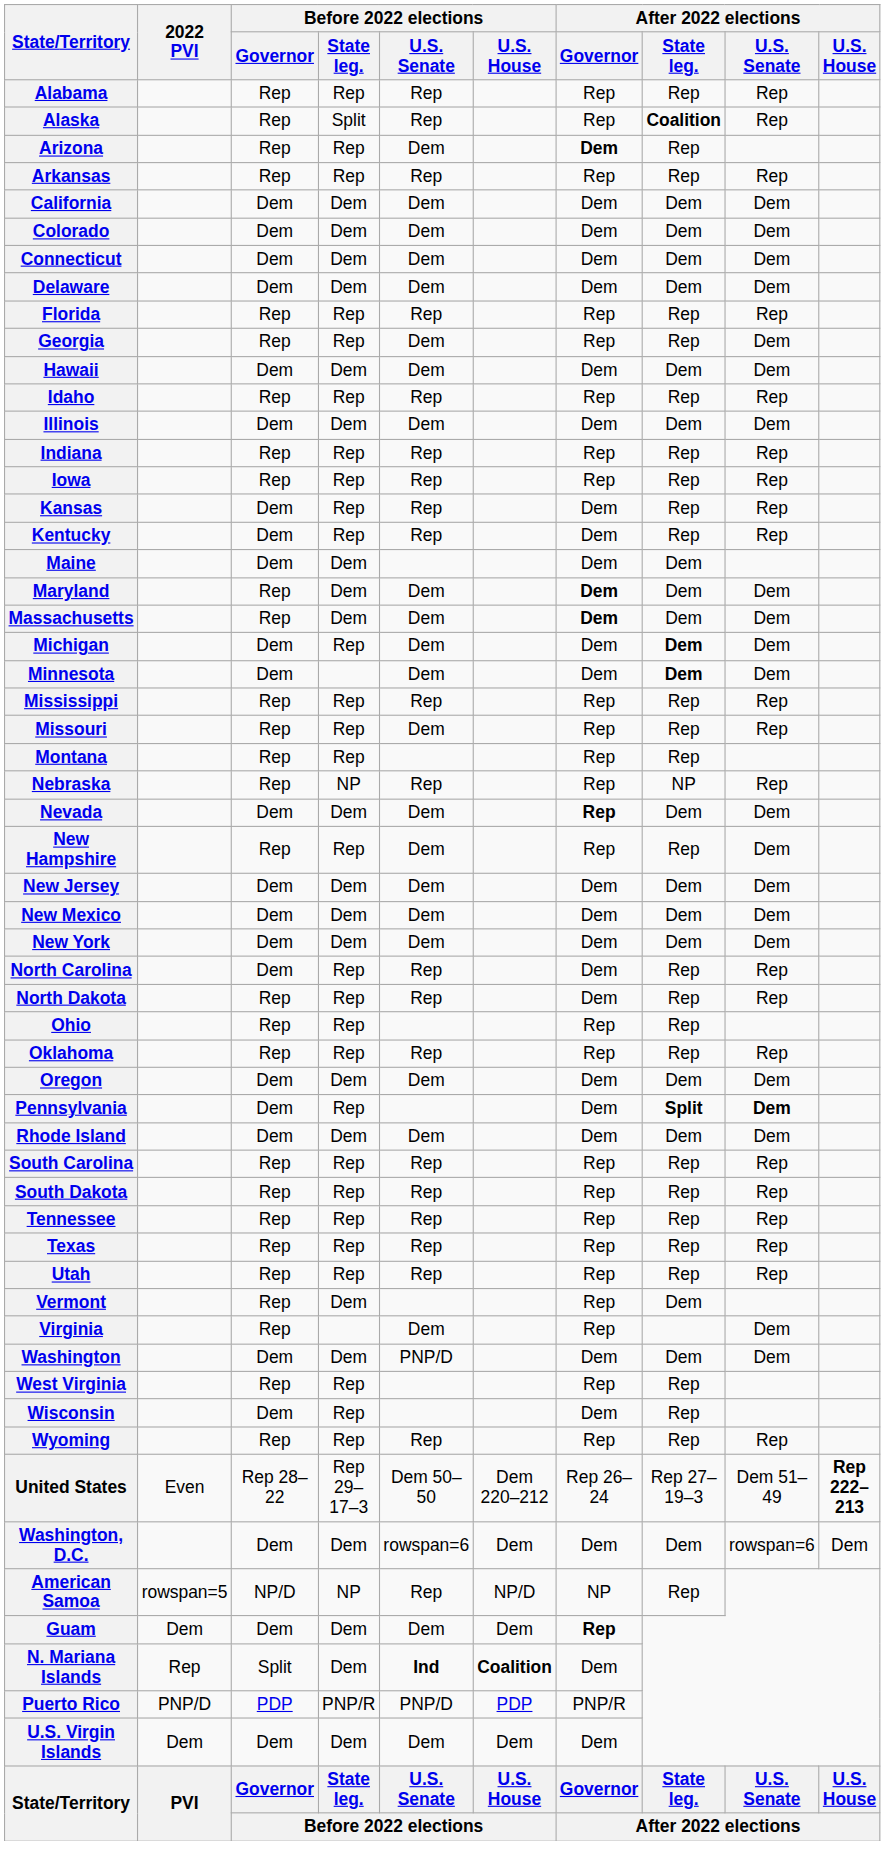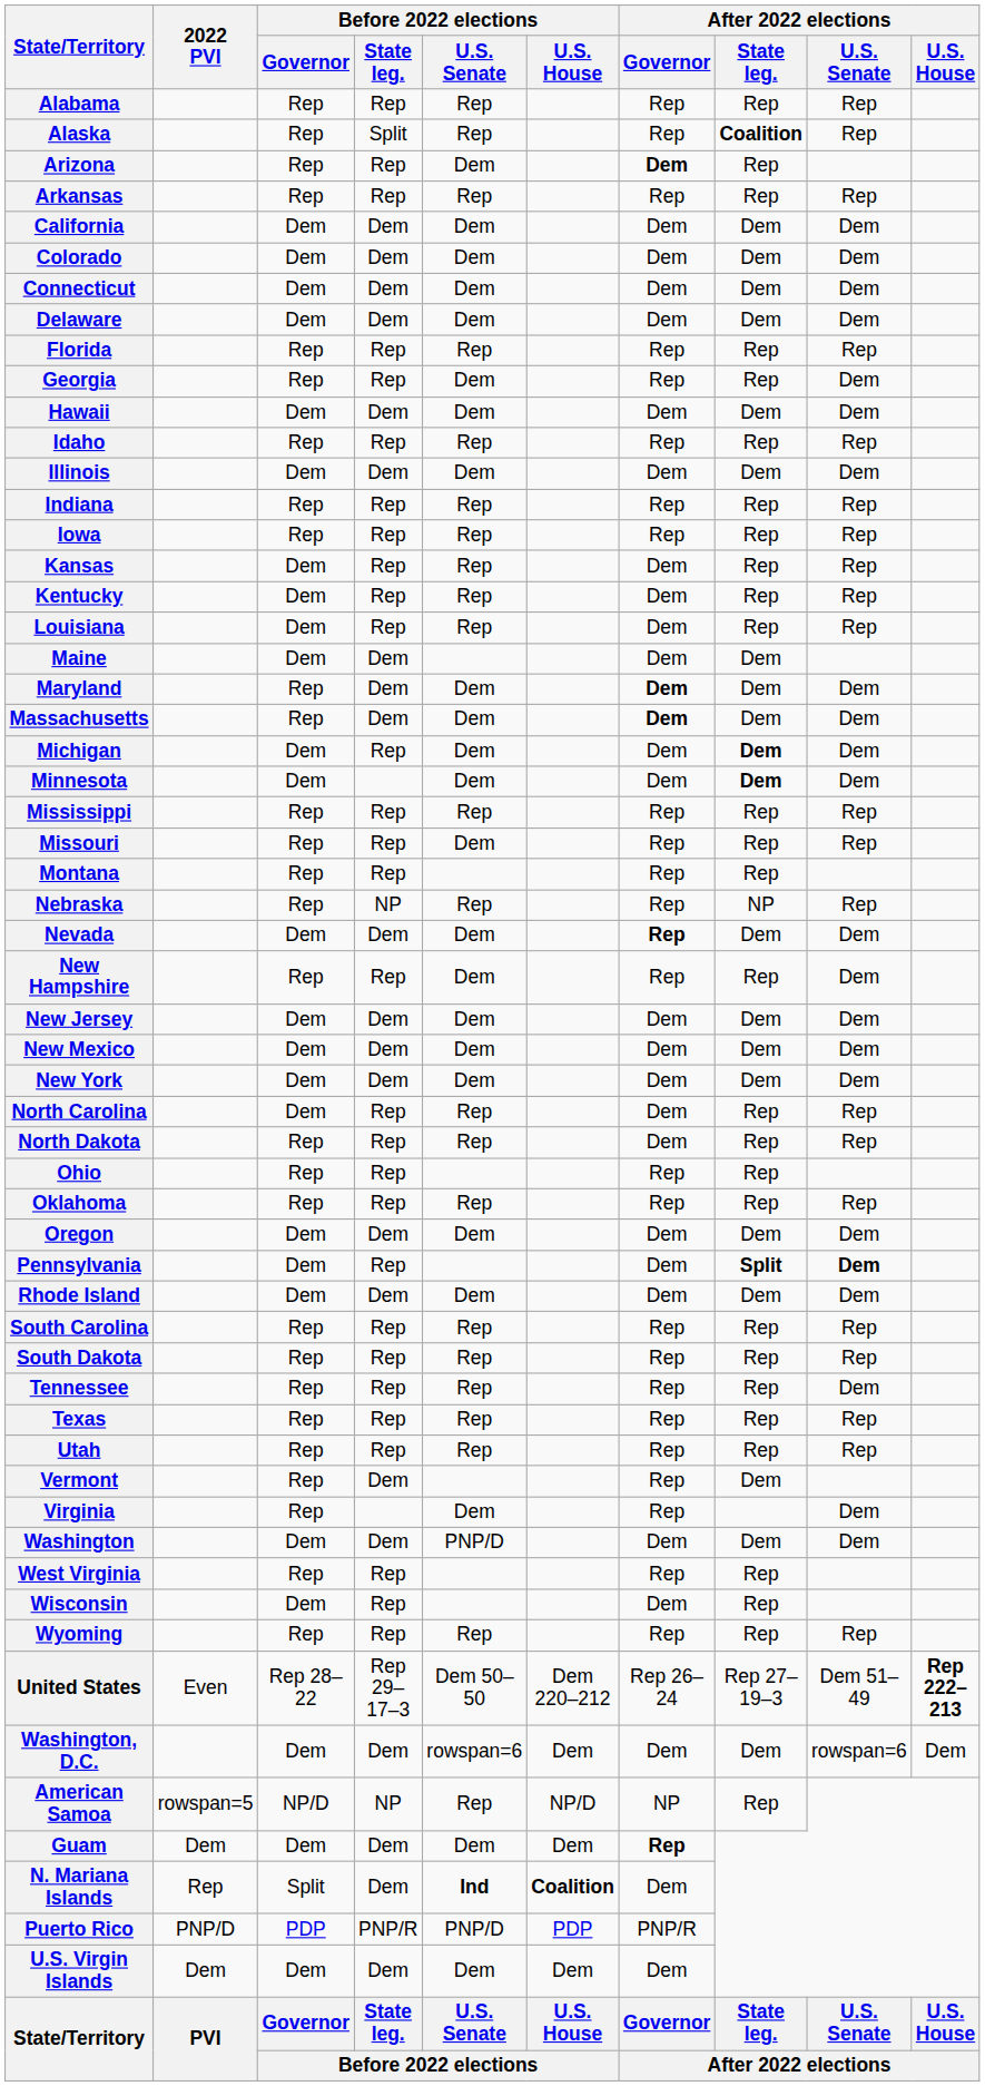 <table class="wikitable sortable plainrowheaders" style="text-align: center;">
 <tr>
 <th rowspan=2><a href='#'>State/<wbr>Territory</a></th>
 <th rowspan=2 data-sort-type="number">2022<br><a href='#'>PVI</a></th>
 <th scope="col" colspan= 4>Before 2022 elections</th>
 <th scope="col" colspan= 4>After 2022 elections</th>
 </tr>
 <tr>
 <th><a href='#'>Governor</a></th>
 <th><a href='#'>State leg.</a></th>
 <th><a href='#'>U.S. Senate</a></th>
 <th><a href='#'>U.S. House</a></th>
 <th><a href='#'>Governor</a></th>
 <th><a href='#'>State leg.</a></th>
 <th><a href='#'>U.S. Senate</a></th>
 <th><a href='#'>U.S. House</a></th>
 </tr>
 <tr>
 <th scope="row"><a href='#'>Alabama</a></th>
 <td></td>
 <td>Rep</td>
 <td>Rep</td>
 <td>Rep</td>
 <td></td>
 <td>Rep</td>
 <td>Rep</td>
 <td>Rep</td>
 <td></td>
 </tr>
 <tr>
 <th scope="row"><a href='#'>Alaska</a></th>
 <td></td>
 <td>Rep</td>
 <td>Split</td>
 <td>Rep</td>
 <td></td>
 <td>Rep</td>
 <td><strong>Coalition</strong></td>
 <td>Rep</td>
 <td></td>
 </tr>
 <tr>
 <th scope="row"><a href='#'>Arizona</a></th>
 <td></td>
 <td>Rep</td>
 <td>Rep</td>
 <td>Dem</td>
 <td></td>
 <td><strong>Dem</strong></td>
 <td>Rep</td>
 <td></td>
 <td><strong></strong></td>
 </tr>
 <tr>
 <th scope="row"><a href='#'>Arkansas</a></th>
 <td></td>
 <td>Rep</td>
 <td>Rep</td>
 <td>Rep</td>
 <td></td>
 <td>Rep</td>
 <td>Rep</td>
 <td>Rep</td>
 <td></td>
 </tr>
 <tr>
 <th scope="row"><a href='#'>California</a></th>
 <td></td>
 <td>Dem</td>
 <td>Dem</td>
 <td>Dem</td>
 <td></td>
 <td>Dem</td>
 <td>Dem</td>
 <td>Dem</td>
 <td></td>
 </tr>
 <tr>
 <th scope="row"><a href='#'>Colorado</a></th>
 <td></td>
 <td>Dem</td>
 <td>Dem</td>
 <td>Dem</td>
 <td></td>
 <td>Dem</td>
 <td>Dem</td>
 <td>Dem</td>
 <td></td>
 </tr>
 <tr>
 <th scope="row"><a href='#'>Connecticut</a></th>
 <td></td>
 <td>Dem</td>
 <td>Dem</td>
 <td>Dem</td>
 <td></td>
 <td>Dem</td>
 <td>Dem</td>
 <td>Dem</td>
 <td></td>
 </tr>
 <tr>
 <th scope="row"><a href='#'>Delaware</a></th>
 <td></td>
 <td>Dem</td>
 <td>Dem</td>
 <td>Dem</td>
 <td></td>
 <td>Dem</td>
 <td>Dem</td>
 <td>Dem</td>
 <td></td>
 </tr>
 <tr>
 <th scope="row"><a href='#'>Florida</a></th>
 <td></td>
 <td>Rep</td>
 <td>Rep</td>
 <td>Rep</td>
 <td></td>
 <td>Rep</td>
 <td>Rep</td>
 <td>Rep</td>
 <td></td>
 </tr>
 <tr>
 <th scope="row"><a href='#'>Georgia</a></th>
 <td></td>
 <td>Rep</td>
 <td>Rep</td>
 <td>Dem</td>
 <td></td>
 <td>Rep</td>
 <td>Rep</td>
 <td>Dem</td>
 <td></td>
 </tr>
 <tr>
 <th scope="row"><a href='#'>Hawaii</a></th>
 <td></td>
 <td>Dem</td>
 <td>Dem</td>
 <td>Dem</td>
 <td></td>
 <td>Dem</td>
 <td>Dem</td>
 <td>Dem</td>
 <td></td>
 </tr>
 <tr>
 <th scope="row"><a href='#'>Idaho</a></th>
 <td></td>
 <td>Rep</td>
 <td>Rep</td>
 <td>Rep</td>
 <td></td>
 <td>Rep</td>
 <td>Rep</td>
 <td>Rep</td>
 <td></td>
 </tr>
 <tr>
 <th scope="row"><a href='#'>Illinois</a></th>
 <td></td>
 <td>Dem</td>
 <td>Dem</td>
 <td>Dem</td>
 <td></td>
 <td>Dem</td>
 <td>Dem</td>
 <td>Dem</td>
 <td></td>
 </tr>
 <tr>
 <th scope="row"><a href='#'>Indiana</a></th>
 <td></td>
 <td>Rep</td>
 <td>Rep</td>
 <td>Rep</td>
 <td></td>
 <td>Rep</td>
 <td>Rep</td>
 <td>Rep</td>
 <td></td>
 </tr>
 <tr>
 <th scope="row"><a href='#'>Iowa</a></th>
 <td></td>
 <td>Rep</td>
 <td>Rep</td>
 <td>Rep</td>
 <td></td>
 <td>Rep</td>
 <td>Rep</td>
 <td>Rep</td>
 <td></td>
 </tr>
 <tr>
 <th scope="row"><a href='#'>Kansas</a></th>
 <td></td>
 <td>Dem</td>
 <td>Rep</td>
 <td>Rep</td>
 <td></td>
 <td>Dem</td>
 <td>Rep</td>
 <td>Rep</td>
 <td></td>
 </tr>
 <tr>
 <th scope="row"><a href='#'>Kentucky</a></th>
+<td></td>
+<td>Dem</td>
+<td>Rep</td>
+<td>Rep</td>
+<td></td>
+<td>Dem</td>
+<td>Rep</td>
+<td>Rep</td>
+<td></td>
+</tr>
+<tr>
+<th scope="row"><a href='#'>Louisiana</a></th>
 <td></td>
 <td>Dem</td>
 <td>Rep</td>
 <td>Rep</td>
 <td></td>
 <td>Dem</td>
 <td>Rep</td>
 <td>Rep</td>
 <td></td>
 </tr>
 <tr>
 <th scope="row"><a href='#'>Maine</a></th>
 <td></td>
 <td>Dem</td>
 <td>Dem</td>
 <td></td>
 <td></td>
 <td>Dem</td>
 <td>Dem</td>
 <td></td>
 <td></td>
 </tr>
 <tr>
 <th scope="row"><a href='#'>Maryland</a></th>
 <td></td>
 <td>Rep</td>
 <td>Dem</td>
 <td>Dem</td>
 <td></td>
 <td><strong>Dem</strong></td>
 <td>Dem</td>
 <td>Dem</td>
 <td></td>
 </tr>
 <tr>
 <th scope="row"><a href='#'>Massachusetts</a></th>
 <td></td>
 <td>Rep</td>
 <td>Dem</td>
 <td>Dem</td>
 <td></td>
 <td><strong>Dem</strong></td>
 <td>Dem</td>
 <td>Dem</td>
 <td></td>
 </tr>
 <tr>
 <th scope="row"><a href='#'>Michigan</a></th>
 <td></td>
 <td>Dem</td>
 <td>Rep</td>
 <td>Dem</td>
 <td></td>
 <td>Dem</td>
 <td><strong>Dem</strong></td>
 <td>Dem</td>
 <td><strong></strong></td>
 </tr>
 <tr>
 <th scope="row"><a href='#'>Minnesota</a></th>
 <td></td>
 <td>Dem</td>
 <td></td>
 <td>Dem</td>
 <td></td>
 <td>Dem</td>
 <td><strong>Dem</strong></td>
 <td>Dem</td>
 <td></td>
 </tr>
 <tr>
 <th scope="row"><a href='#'>Mississippi</a></th>
 <td></td>
 <td>Rep</td>
 <td>Rep</td>
 <td>Rep</td>
 <td></td>
 <td>Rep</td>
 <td>Rep</td>
 <td>Rep</td>
 <td></td>
 </tr>
 <tr>
 <th scope="row"><a href='#'>Missouri</a></th>
 <td></td>
 <td>Rep</td>
 <td>Rep</td>
 <td>Dem</td>
 <td></td>
 <td>Rep</td>
 <td>Rep</td>
 <td>Rep</td>
 <td></td>
 </tr>
 <tr>
 <th scope="row"><a href='#'>Montana</a></th>
 <td></td>
 <td>Rep</td>
 <td>Rep</td>
 <td></td>
 <td></td>
 <td>Rep</td>
 <td>Rep</td>
 <td></td>
 <td></td>
 </tr>
 <tr>
 <th scope="row"><a href='#'>Nebraska</a></th>
 <td></td>
 <td>Rep</td>
 <td>NP</td>
 <td>Rep</td>
 <td></td>
 <td>Rep</td>
 <td>NP</td>
 <td>Rep</td>
 <td></td>
 </tr>
 <tr>
 <th scope="row"><a href='#'>Nevada</a></th>
 <td></td>
 <td>Dem</td>
 <td>Dem</td>
 <td>Dem</td>
 <td></td>
 <td><strong>Rep</strong></td>
 <td>Dem</td>
 <td>Dem</td>
 <td></td>
 </tr>
 <tr>
 <th scope="row"><a href='#'>New Hampshire</a></th>
 <td></td>
 <td>Rep</td>
 <td>Rep</td>
 <td>Dem</td>
 <td></td>
 <td>Rep</td>
 <td>Rep</td>
 <td>Dem</td>
 <td></td>
 </tr>
 <tr>
 <th scope="row"><a href='#'>New Jersey</a></th>
 <td></td>
 <td>Dem</td>
 <td>Dem</td>
 <td>Dem</td>
 <td></td>
 <td>Dem</td>
 <td>Dem</td>
 <td>Dem</td>
 <td></td>
 </tr>
 <tr>
 <th scope="row"><a href='#'>New Mexico</a></th>
 <td></td>
 <td>Dem</td>
 <td>Dem</td>
 <td>Dem</td>
 <td></td>
 <td>Dem</td>
 <td>Dem</td>
 <td>Dem</td>
 <td></td>
 </tr>
 <tr>
 <th scope="row"><a href='#'>New York</a></th>
 <td></td>
 <td>Dem</td>
 <td>Dem</td>
 <td>Dem</td>
 <td></td>
 <td>Dem</td>
 <td>Dem</td>
 <td>Dem</td>
 <td></td>
 </tr>
 <tr>
 <th scope="row"><a href='#'>North Carolina</a></th>
 <td></td>
 <td>Dem</td>
 <td>Rep</td>
 <td>Rep</td>
 <td></td>
 <td>Dem</td>
 <td>Rep</td>
 <td>Rep</td>
 <td><strong></strong></td>
 </tr>
 <tr>
 <th scope="row"><a href='#'>North Dakota</a></th>
 <td></td>
 <td>Rep</td>
 <td>Rep</td>
 <td>Rep</td>
 <td></td>
 <td>Dem</td>
 <td>Rep</td>
 <td>Rep</td>
 <td></td>
 </tr>
 <tr>
 <th scope="row"><a href='#'>Ohio</a></th>
 <td></td>
 <td>Rep</td>
 <td>Rep</td>
 <td></td>
 <td></td>
 <td>Rep</td>
 <td>Rep</td>
 <td></td>
 <td></td>
 </tr>
 <tr>
 <th scope="row"><a href='#'>Oklahoma</a></th>
 <td></td>
 <td>Rep</td>
 <td>Rep</td>
 <td>Rep</td>
 <td></td>
 <td>Rep</td>
 <td>Rep</td>
 <td>Rep</td>
 <td></td>
 </tr>
 <tr>
 <th scope="row"><a href='#'>Oregon</a></th>
 <td></td>
 <td>Dem</td>
 <td>Dem</td>
 <td>Dem</td>
 <td></td>
 <td>Dem</td>
 <td>Dem</td>
 <td>Dem</td>
 <td></td>
 </tr>
 <tr>
 <th scope="row"><a href='#'>Pennsylvania</a></th>
 <td></td>
 <td>Dem</td>
 <td>Rep</td>
 <td></td>
 <td></td>
 <td>Dem</td>
 <td><strong>Split</strong></td>
 <td><strong>Dem</strong></td>
 <td><strong></strong></td>
 </tr>
 <tr>
 <th scope="row"><a href='#'>Rhode Island</a></th>
 <td></td>
 <td>Dem</td>
 <td>Dem</td>
 <td>Dem</td>
 <td></td>
 <td>Dem</td>
 <td>Dem</td>
 <td>Dem</td>
 <td></td>
 </tr>
 <tr>
 <th scope="row"><a href='#'>South Carolina</a></th>
 <td></td>
 <td>Rep</td>
 <td>Rep</td>
 <td>Rep</td>
 <td></td>
 <td>Rep</td>
 <td>Rep</td>
 <td>Rep</td>
 <td></td>
 </tr>
 <tr>
 <th scope="row"><a href='#'>South Dakota</a></th>
 <td></td>
 <td>Rep</td>
 <td>Rep</td>
 <td>Rep</td>
 <td></td>
 <td>Rep</td>
 <td>Rep</td>
 <td>Rep</td>
 <td></td>
 </tr>
 <tr>
 <th scope="row"><a href='#'>Tennessee</a></th>
 <td></td>
 <td>Rep</td>
 <td>Rep</td>
 <td>Rep</td>
 <td></td>
 <td>Rep</td>
 <td>Rep</td>
-<td>Rep</td>
+<td>Dem</td>
 <td></td>
 </tr>
 <tr>
 <th scope="row"><a href='#'>Texas</a></th>
 <td></td>
 <td>Rep</td>
 <td>Rep</td>
 <td>Rep</td>
 <td></td>
 <td>Rep</td>
 <td>Rep</td>
 <td>Rep</td>
 <td></td>
 </tr>
 <tr>
 <th scope="row"><a href='#'>Utah</a></th>
 <td></td>
 <td>Rep</td>
 <td>Rep</td>
 <td>Rep</td>
 <td></td>
 <td>Rep</td>
 <td>Rep</td>
 <td>Rep</td>
 <td></td>
 </tr>
 <tr>
 <th scope="row"><a href='#'>Vermont</a></th>
 <td></td>
 <td>Rep</td>
 <td>Dem</td>
 <td></td>
 <td></td>
 <td>Rep</td>
 <td>Dem</td>
 <td></td>
 <td></td>
 </tr>
 <tr>
 <th scope="row"><a href='#'>Virginia</a></th>
 <td></td>
 <td>Rep</td>
 <td></td>
 <td>Dem</td>
 <td></td>
 <td>Rep</td>
 <td></td>
 <td>Dem</td>
 <td></td>
 </tr>
 <tr>
 <th scope="row"><a href='#'>Washington</a></th>
 <td></td>
 <td>Dem</td>
 <td>Dem</td>
 <td>PNP/D</td>
 <td></td>
 <td>Dem</td>
 <td>Dem</td>
 <td>Dem</td>
 <td></td>
 </tr>
 <tr>
 <th scope="row"><a href='#'>West Virginia</a></th>
 <td></td>
 <td>Rep</td>
 <td>Rep</td>
 <td></td>
 <td></td>
 <td>Rep</td>
 <td>Rep</td>
 <td></td>
 <td></td>
 </tr>
 <tr>
 <th scope="row"><a href='#'>Wisconsin</a></th>
 <td></td>
 <td>Dem</td>
 <td>Rep</td>
 <td></td>
 <td></td>
 <td>Dem</td>
 <td>Rep</td>
 <td></td>
 <td></td>
 </tr>
 <tr>
 <th scope="row"><a href='#'>Wyoming</a></th>
 <td></td>
 <td>Rep</td>
 <td>Rep</td>
 <td>Rep</td>
 <td></td>
 <td>Rep</td>
 <td>Rep</td>
 <td>Rep</td>
 <td></td>
 </tr>
 <tr class="sortbottom" |>
 <th scope="row">United States</th>
 <td>Even</td>
 <td>Rep 28–22</td>
 <td>Rep 29–17–3</td>
 <td>Dem 50–50</td>
 <td>Dem 220–212</td>
 <td>Rep 26–24</td>
 <td>Rep 27–19–3</td>
 <td>Dem 51–49</td>
 <td><strong>Rep 222–213</strong></td>
 </tr>
 <tr class="sortbottom" |>
 <th scope="row"><a href='#'>Washington, D.C.</a></th>
 <td></td>
 <td>Dem</td>
 <td>Dem</td>
 <td>rowspan=6 </td>
 <td>Dem</td>
 <td>Dem</td>
 <td>Dem</td>
 <td>rowspan=6 </td>
 <td>Dem</td>
 </tr>
 <tr class="sortbottom" |>
 <th scope="row"><a href='#'>American Samoa</a></th>
 <td>rowspan=5 </td>
 <td>NP/D</td>
 <td>NP</td>
 <td>Rep</td>
 <td>NP/D</td>
 <td>NP</td>
 <td>Rep</td>
 </tr>
 <tr class="sortbottom" |>
 <th scope="row"><a href='#'>Guam</a></th>
 <td>Dem</td>
 <td>Dem</td>
 <td>Dem</td>
 <td>Dem</td>
 <td>Dem</td>
 <td><strong>Rep</strong></td>
 </tr>
 <tr class="sortbottom" |>
 <th scope="row"><a href='#'>N. Mariana Islands</a></th>
 <td>Rep</td>
 <td>Split</td>
 <td>Dem</td>
 <td><strong>Ind</strong></td>
 <td><strong>Coalition</strong></td>
 <td>Dem</td>
 </tr>
 <tr class="sortbottom" |>
 <th scope="row"><a href='#'>Puerto Rico</a></th>
 <td>PNP/D</td>
 <td><a href='#'>PDP</a></td>
 <td>PNP/R</td>
 <td>PNP/D</td>
 <td><a href='#'>PDP</a></td>
 <td>PNP/R</td>
 </tr>
 <tr class="sortbottom" |>
 <th scope="row"><a href='#'>U.S. Virgin Islands</a></th>
 <td>Dem</td>
 <td>Dem</td>
 <td>Dem</td>
 <td>Dem</td>
 <td>Dem</td>
 <td>Dem</td>
 </tr>
 <tr>
 <th rowspan=2>State/<wbr>Territory</th>
 <th rowspan=2>PVI</th>
 <th><a href='#'>Governor</a></th>
 <th><a href='#'>State leg.</a></th>
 <th><a href='#'>U.S. Senate</a></th>
 <th><a href='#'>U.S. House</a></th>
 <th><a href='#'>Governor</a></th>
 <th><a href='#'>State leg.</a></th>
 <th><a href='#'>U.S. Senate</a></th>
 <th><a href='#'>U.S. House</a></th>
 </tr>
 <tr>
 <th colspan= 4>Before 2022 elections</th>
 <th colspan= 4>After 2022 elections</th>
 </tr>
 </table>
